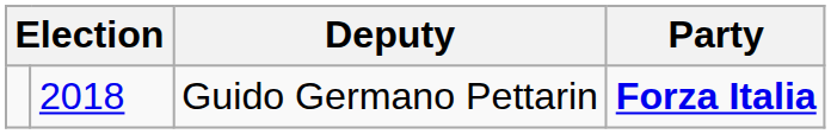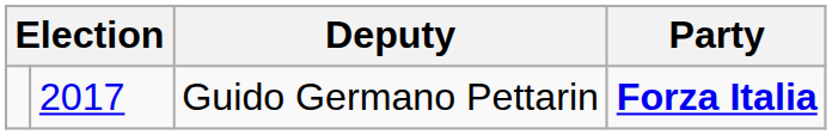 <table class="wikitable">
 <tr>
 <th colspan="2">Election</th>
 <th>Deputy</th>
 <th>Party</th>
 </tr>
 <tr>
 <td></td>
-<td><a href='#'>2018</a></td>
+<td><a href='#'>2017</a></td>
 <td>Guido Germano Pettarin</td>
 <td><strong><a href='#'>Forza Italia</a></strong></td>
 </tr>
 </table>
